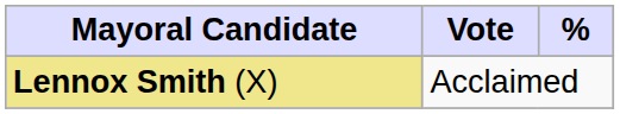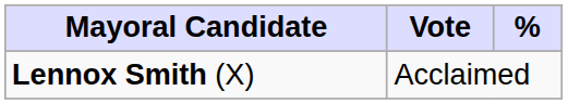 <table class="wikitable">
 <tr>
 <th style="background:#ddf; width:200px;">Mayoral Candidate</th>
 <th style="background:#ddf; width:50px;">Vote</th>
 <th style="background:#ddf; width:30px;">%</th>
 </tr>
 <tr>
-<td style="background: khaki;"><strong>Lennox Smith</strong> (X)</td>
+<td><strong>Lennox Smith</strong> (X)</td>
 <td colspan="2">Acclaimed</td>
 </tr>
 </table>
